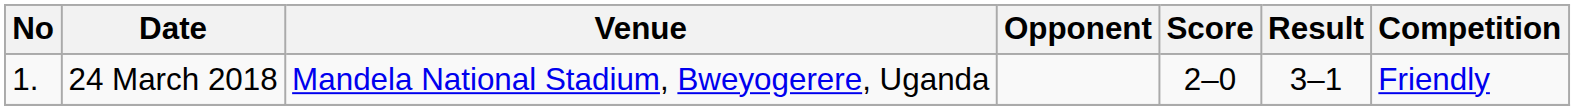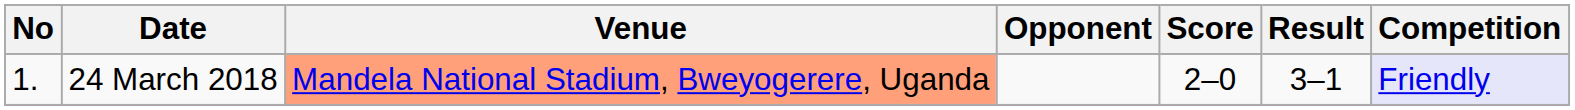 <table class="wikitable">
 <tr>
 <th>No</th>
 <th>Date</th>
 <th>Venue</th>
 <th>Opponent</th>
 <th>Score</th>
 <th>Result</th>
 <th>Competition</th>
 </tr>
 <tr>
 <td>1.</td>
 <td>24 March 2018</td>
-<td><a href='#'>Mandela National Stadium</a>, <a href='#'>Bweyogerere</a>, Uganda</td>
+<td style="background: lightsalmon;"><a href='#'>Mandela National Stadium</a>, <a href='#'>Bweyogerere</a>, Uganda</td>
 <td></td>
 <td align=center>2–0</td>
 <td align=center>3–1</td>
-<td><a href='#'>Friendly</a></td>
+<td style="background: lavender;"><a href='#'>Friendly</a></td>
 </tr>
 <tr>
 </tr>
 </table>
